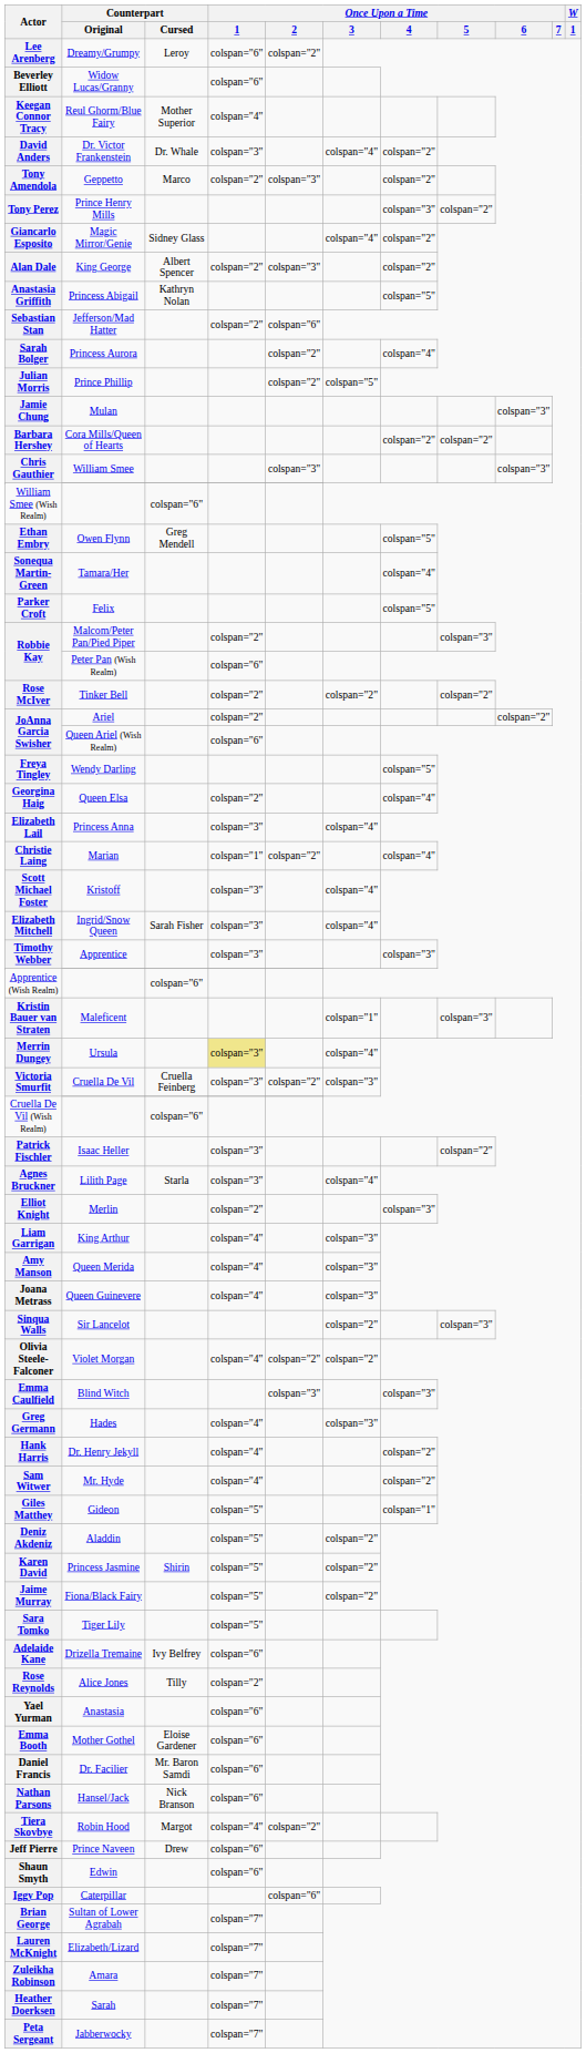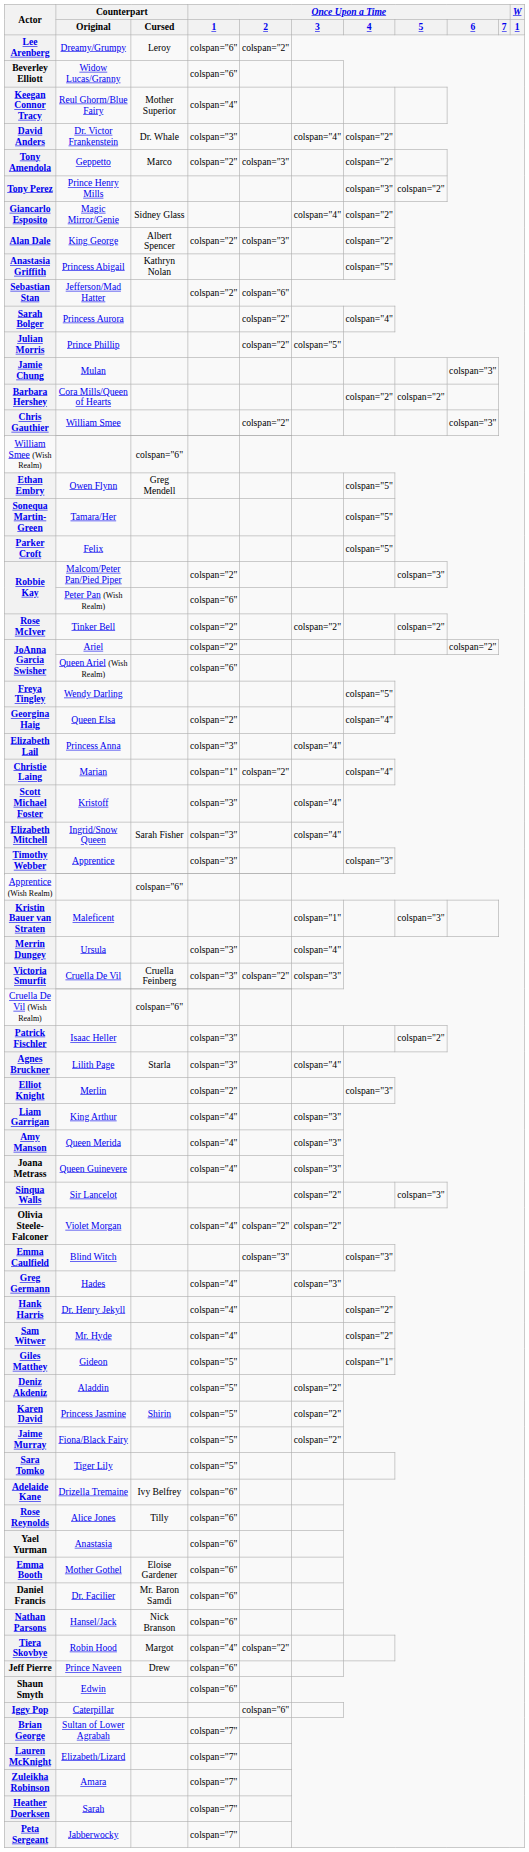 <table class="wikitable" style="text-align:center;">
 <tr>
 <th rowspan="2" style="width:190px;">Actor</th>
 <th colspan="2" style="width:470px;">Counterpart</th>
 <th colspan="7"><em><a href='#'>Once Upon a Time</a></em></th>
 <th><em><a href='#'>W</a></em></th>
 </tr>
 <tr>
 <th style="width:250px;">Original</th>
 <th style="width:220px;">Cursed</th>
 <th style="width:60px;"><a href='#'>1</a></th>
 <th style="width:60px;"><a href='#'>2</a></th>
 <th style="width:60px;"><a href='#'>3</a></th>
 <th style="width:60px;"><a href='#'>4</a></th>
 <th style="width:60px;"><a href='#'>5</a></th>
 <th style="width:60px;"><a href='#'>6</a></th>
 <th style="width:60px;"><a href='#'>7</a></th>
 <th style="width:60px;"><a href='#'>1</a></th>
 </tr>
 <tr>
 <th><a href='#'>Lee Arenberg</a></th>
 <td><a href='#'>Dreamy/Grumpy</a></td>
 <td>Leroy</td>
 <td>colspan="6" </td>
 <td>colspan="2" </td>
 </tr>
 <tr>
 <th>Beverley Elliott</th>
 <td><a href='#'>Widow Lucas/Granny</a></td>
 <td></td>
 <td>colspan="6" </td>
 <td></td>
 <td></td>
 </tr>
 <tr>
 <th><a href='#'>Keegan Connor Tracy</a></th>
 <td><a href='#'>Reul Ghorm/Blue Fairy</a></td>
 <td>Mother Superior</td>
 <td>colspan="4" </td>
 <td></td>
 <td></td>
 <td></td>
 <td></td>
 </tr>
 <tr>
 <th><a href='#'>David Anders</a></th>
 <td><a href='#'>Dr. Victor Frankenstein</a></td>
 <td>Dr. Whale</td>
 <td>colspan="3" </td>
 <td></td>
 <td>colspan="4" </td>
 <td>colspan="2" </td>
 </tr>
 <tr>
 <th><a href='#'>Tony Amendola</a></th>
 <td><a href='#'>Geppetto</a></td>
 <td>Marco</td>
 <td>colspan="2" </td>
 <td>colspan="3" </td>
 <td></td>
 <td>colspan="2" </td>
 <td></td>
 </tr>
 <tr>
 <th><a href='#'>Tony Perez</a></th>
 <td><a href='#'>Prince Henry Mills</a></td>
 <td></td>
 <td></td>
 <td></td>
 <td></td>
 <td>colspan="3" </td>
 <td>colspan="2" </td>
 </tr>
 <tr>
 <th><a href='#'>Giancarlo Esposito</a></th>
 <td><a href='#'>Magic Mirror/Genie</a></td>
 <td>Sidney Glass</td>
 <td></td>
 <td></td>
 <td>colspan="4" </td>
 <td>colspan="2" </td>
 </tr>
 <tr>
 <th><a href='#'>Alan Dale</a></th>
 <td><a href='#'>King George</a></td>
 <td>Albert Spencer</td>
 <td>colspan="2" </td>
 <td>colspan="3" </td>
 <td></td>
 <td>colspan="2" </td>
 </tr>
 <tr>
 <th><a href='#'>Anastasia Griffith</a></th>
 <td><a href='#'>Princess Abigail</a></td>
 <td>Kathryn Nolan</td>
 <td></td>
 <td></td>
 <td></td>
 <td>colspan="5" </td>
 </tr>
 <tr>
 <th><a href='#'>Sebastian Stan</a></th>
 <td><a href='#'>Jefferson/Mad Hatter</a></td>
 <td></td>
 <td>colspan="2" </td>
 <td>colspan="6" </td>
 </tr>
 <tr>
 <th><a href='#'>Sarah Bolger</a></th>
 <td><a href='#'>Princess Aurora</a></td>
 <td></td>
 <td></td>
 <td>colspan="2" </td>
 <td></td>
 <td>colspan="4" </td>
 </tr>
 <tr>
 <th><a href='#'>Julian Morris</a></th>
 <td><a href='#'>Prince Phillip</a></td>
 <td></td>
 <td></td>
 <td>colspan="2" </td>
 <td>colspan="5" </td>
 </tr>
 <tr>
 <th><a href='#'>Jamie Chung</a></th>
 <td><a href='#'>Mulan</a></td>
 <td></td>
 <td></td>
 <td></td>
 <td></td>
 <td></td>
 <td></td>
 <td>colspan="3" </td>
 </tr>
 <tr>
 <th><a href='#'>Barbara Hershey</a></th>
 <td><a href='#'>Cora Mills/Queen of Hearts</a></td>
 <td></td>
 <td></td>
 <td></td>
 <td></td>
 <td>colspan="2" </td>
 <td>colspan="2" </td>
 <td></td>
 </tr>
 <tr>
 <th rowspan="2"><a href='#'>Chris Gauthier</a></th>
 <td><a href='#'>William Smee</a></td>
 <td></td>
 <td></td>
-<td>colspan="3" </td>
+<td>colspan="2" </td>
 <td></td>
 <td></td>
 <td></td>
 <td>colspan="3" </td>
 </tr>
 <tr>
 </tr>
 <tr>
 <td><a href='#'>William Smee</a> <small>(Wish Realm)</small></td>
 <td></td>
 <td>colspan="6" </td>
 <td></td>
 <td></td>
 </tr>
 <tr>
 <th><a href='#'>Ethan Embry</a></th>
 <td><a href='#'>Owen Flynn</a></td>
 <td>Greg Mendell</td>
 <td></td>
 <td></td>
 <td></td>
 <td>colspan="5" </td>
 </tr>
 <tr>
 <th><a href='#'>Sonequa Martin-Green</a></th>
 <td><a href='#'>Tamara/Her</a></td>
 <td></td>
 <td></td>
 <td></td>
 <td></td>
-<td>colspan="4" </td>
+<td>colspan="5" </td>
 </tr>
 <tr>
 <th><a href='#'>Parker Croft</a></th>
 <td><a href='#'>Felix</a></td>
 <td></td>
 <td></td>
 <td></td>
 <td></td>
 <td>colspan="5" </td>
 </tr>
 <tr>
 <th rowspan="2"><a href='#'>Robbie Kay</a></th>
 <td><a href='#'>Malcom/Peter Pan/Pied Piper</a></td>
 <td></td>
 <td>colspan="2" </td>
 <td></td>
 <td></td>
 <td></td>
 <td>colspan="3" </td>
 </tr>
 <tr>
 <td><a href='#'>Peter Pan</a> <small>(Wish Realm)</small></td>
 <td></td>
 <td>colspan="6" </td>
 <td></td>
 <td></td>
 </tr>
 <tr>
 <th><a href='#'>Rose McIver</a></th>
 <td><a href='#'>Tinker Bell</a></td>
 <td></td>
 <td>colspan="2" </td>
 <td></td>
 <td>colspan="2" </td>
 <td></td>
 <td>colspan="2" </td>
 </tr>
 <tr>
 <th rowspan="2"><a href='#'>JoAnna Garcia Swisher</a></th>
 <td><a href='#'>Ariel</a></td>
 <td></td>
 <td>colspan="2" </td>
 <td></td>
 <td></td>
 <td></td>
 <td></td>
 <td>colspan="2" </td>
 </tr>
 <tr>
 <td><a href='#'>Queen Ariel</a> <small>(Wish Realm)</small></td>
 <td></td>
 <td>colspan="6" </td>
 <td></td>
 <td></td>
 </tr>
 <tr>
 <th><a href='#'>Freya Tingley</a></th>
 <td><a href='#'>Wendy Darling</a></td>
 <td></td>
 <td></td>
 <td></td>
 <td></td>
 <td>colspan="5" </td>
 </tr>
 <tr>
 <th><a href='#'>Georgina Haig</a></th>
 <td><a href='#'>Queen Elsa</a></td>
 <td></td>
 <td>colspan="2" </td>
 <td></td>
 <td></td>
 <td>colspan="4"</td>
 </tr>
 <tr>
 <th><a href='#'>Elizabeth Lail</a></th>
 <td><a href='#'>Princess Anna</a></td>
 <td></td>
 <td>colspan="3" </td>
 <td></td>
 <td>colspan="4" </td>
 </tr>
 <tr>
 <th><a href='#'>Christie Laing</a></th>
 <td><a href='#'>Marian</a></td>
 <td></td>
 <td>colspan="1" </td>
 <td>colspan="2" </td>
 <td></td>
 <td>colspan="4" </td>
 </tr>
 <tr>
 <th><a href='#'>Scott Michael Foster</a></th>
 <td><a href='#'>Kristoff</a></td>
 <td></td>
 <td>colspan="3" </td>
 <td></td>
 <td>colspan="4" </td>
 </tr>
 <tr>
 <th><a href='#'>Elizabeth Mitchell</a></th>
 <td><a href='#'>Ingrid/Snow Queen</a></td>
 <td>Sarah Fisher</td>
 <td>colspan="3" </td>
 <td></td>
 <td>colspan="4" </td>
 </tr>
 <tr>
 <th rowspan="2"><a href='#'>Timothy Webber</a></th>
 <td><a href='#'>Apprentice</a></td>
 <td></td>
 <td>colspan="3" </td>
 <td></td>
 <td></td>
 <td>colspan="3" </td>
 </tr>
 <tr>
 </tr>
 <tr>
 <td><a href='#'>Apprentice</a> <small>(Wish Realm)</small></td>
 <td></td>
 <td>colspan="6" </td>
 <td></td>
 <td></td>
 </tr>
 <tr>
 <th><a href='#'>Kristin Bauer van Straten</a></th>
 <td><a href='#'>Maleficent</a></td>
 <td></td>
 <td></td>
 <td></td>
 <td>colspan="1" </td>
 <td></td>
 <td>colspan="3" </td>
 <td></td>
 </tr>
 <tr>
 <th><a href='#'>Merrin Dungey</a></th>
 <td><a href='#'>Ursula</a></td>
 <td></td>
-<td style="background: khaki;">colspan="3" </td>
+<td>colspan="3" </td>
 <td></td>
 <td>colspan="4" </td>
 </tr>
 <tr>
 <th rowspan="2"><a href='#'>Victoria Smurfit</a></th>
 <td><a href='#'>Cruella De Vil</a></td>
 <td>Cruella Feinberg</td>
 <td>colspan="3" </td>
 <td>colspan="2" </td>
 <td>colspan="3" </td>
 </tr>
 <tr>
 </tr>
 <tr>
 <td><a href='#'>Cruella De Vil</a> <small>(Wish Realm)</small></td>
 <td></td>
 <td>colspan="6" </td>
 <td></td>
 <td></td>
 </tr>
 <tr>
 <th><a href='#'>Patrick Fischler</a></th>
 <td><a href='#'>Isaac Heller</a></td>
 <td></td>
 <td>colspan="3" </td>
 <td></td>
 <td></td>
 <td></td>
 <td>colspan="2" </td>
 </tr>
 <tr>
 <th><a href='#'>Agnes Bruckner</a></th>
 <td><a href='#'>Lilith Page</a></td>
 <td>Starla</td>
 <td>colspan="3" </td>
 <td></td>
 <td>colspan="4" </td>
 </tr>
 <tr>
 <th><a href='#'>Elliot Knight</a></th>
 <td><a href='#'>Merlin</a></td>
 <td></td>
 <td>colspan="2" </td>
 <td></td>
 <td></td>
 <td>colspan="3" </td>
 </tr>
 <tr>
 <th><a href='#'>Liam Garrigan</a></th>
 <td><a href='#'>King Arthur</a></td>
 <td></td>
 <td>colspan="4" </td>
 <td></td>
 <td>colspan="3" </td>
 </tr>
 <tr>
 <th><a href='#'>Amy Manson</a></th>
 <td><a href='#'>Queen Merida</a></td>
 <td></td>
 <td>colspan="4" </td>
 <td></td>
 <td>colspan="3" </td>
 </tr>
 <tr>
 <th>Joana Metrass</th>
 <td><a href='#'>Queen Guinevere</a></td>
 <td></td>
 <td>colspan="4" </td>
 <td></td>
 <td>colspan="3" </td>
 </tr>
 <tr>
 <th><a href='#'>Sinqua Walls</a></th>
 <td><a href='#'>Sir Lancelot</a></td>
 <td></td>
 <td></td>
 <td></td>
 <td>colspan="2" </td>
 <td></td>
 <td>colspan="3" </td>
 </tr>
 <tr>
 <th>Olivia Steele-Falconer</th>
 <td><a href='#'>Violet Morgan</a></td>
 <td></td>
 <td>colspan="4" </td>
 <td>colspan="2" </td>
 <td>colspan="2" </td>
 </tr>
 <tr>
 <th><a href='#'>Emma Caulfield</a></th>
 <td><a href='#'>Blind Witch</a></td>
 <td></td>
 <td></td>
 <td>colspan="3" </td>
 <td></td>
 <td>colspan="3" </td>
 </tr>
 <tr>
 <th><a href='#'>Greg Germann</a></th>
 <td><a href='#'>Hades</a></td>
 <td></td>
 <td>colspan="4" </td>
 <td></td>
 <td>colspan="3" </td>
 </tr>
 <tr>
 <th><a href='#'>Hank Harris</a></th>
 <td><a href='#'>Dr. Henry Jekyll</a></td>
 <td></td>
 <td>colspan="4" </td>
 <td></td>
 <td></td>
 <td>colspan="2" </td>
 </tr>
 <tr>
 <th><a href='#'>Sam Witwer</a></th>
 <td><a href='#'>Mr. Hyde</a></td>
 <td></td>
 <td>colspan="4" </td>
 <td></td>
 <td></td>
 <td>colspan="2" </td>
 </tr>
 <tr>
 <th><a href='#'>Giles Matthey</a></th>
 <td><a href='#'>Gideon</a></td>
 <td></td>
 <td>colspan="5" </td>
 <td></td>
 <td></td>
 <td>colspan="1" </td>
 </tr>
 <tr>
 <th><a href='#'>Deniz Akdeniz</a></th>
 <td><a href='#'>Aladdin</a></td>
 <td></td>
 <td>colspan="5" </td>
 <td></td>
 <td>colspan="2" </td>
 </tr>
 <tr>
 <th><a href='#'>Karen David</a></th>
 <td><a href='#'>Princess Jasmine</a></td>
 <td><a href='#'>Shirin</a></td>
 <td>colspan="5" </td>
 <td></td>
 <td>colspan="2" </td>
 </tr>
 <tr>
 <th><a href='#'>Jaime Murray</a></th>
 <td><a href='#'>Fiona/Black Fairy</a></td>
 <td></td>
 <td>colspan="5" </td>
 <td></td>
 <td>colspan="2" </td>
 </tr>
 <tr>
 <th><a href='#'>Sara Tomko</a></th>
 <td><a href='#'>Tiger Lily</a></td>
 <td></td>
 <td>colspan="5" </td>
 <td></td>
 <td></td>
 <td></td>
 </tr>
 <tr>
 <th><a href='#'>Adelaide Kane</a></th>
 <td><a href='#'>Drizella Tremaine</a></td>
 <td>Ivy Belfrey</td>
 <td>colspan="6" </td>
 <td></td>
 <td></td>
 </tr>
 <tr>
 <th><a href='#'>Rose Reynolds</a></th>
 <td><a href='#'>Alice Jones</a></td>
 <td>Tilly</td>
-<td>colspan="2" </td>
+<td>colspan="6" </td>
 <td></td>
 <td></td>
 </tr>
 <tr>
 <th>Yael Yurman</th>
 <td><a href='#'>Anastasia</a></td>
 <td></td>
 <td>colspan="6" </td>
 <td></td>
 <td></td>
 </tr>
 <tr>
 <th><a href='#'>Emma Booth</a></th>
 <td><a href='#'>Mother Gothel</a></td>
 <td>Eloise Gardener</td>
 <td>colspan="6" </td>
 <td></td>
 <td></td>
 </tr>
 <tr>
 <th>Daniel Francis</th>
 <td><a href='#'>Dr. Facilier</a></td>
 <td>Mr. Baron Samdi</td>
 <td>colspan="6" </td>
 <td></td>
 <td></td>
 </tr>
 <tr>
 <th><a href='#'>Nathan Parsons</a></th>
 <td><a href='#'>Hansel/Jack</a></td>
 <td>Nick Branson</td>
 <td>colspan="6" </td>
 <td></td>
 <td></td>
 </tr>
 <tr>
 <th><a href='#'>Tiera Skovbye</a></th>
 <td><a href='#'>Robin Hood</a></td>
 <td>Margot</td>
 <td>colspan="4" </td>
 <td>colspan="2" </td>
 <td></td>
 <td></td>
 </tr>
 <tr>
 <th>Jeff Pierre</th>
 <td><a href='#'>Prince Naveen</a></td>
 <td>Drew</td>
 <td>colspan="6" </td>
 <td></td>
 <td></td>
 </tr>
 <tr>
 <th>Shaun Smyth</th>
 <td><a href='#'>Edwin</a></td>
 <td></td>
 <td>colspan="6" </td>
 <td></td>
 </tr>
 <tr>
 <th><a href='#'>Iggy Pop</a></th>
 <td><a href='#'>Caterpillar</a></td>
 <td></td>
 <td></td>
 <td>colspan="6" </td>
 <td></td>
 </tr>
 <tr>
 <th><a href='#'>Brian George</a></th>
 <td><a href='#'>Sultan of Lower Agrabah</a></td>
 <td></td>
 <td>colspan="7" </td>
 <td></td>
 </tr>
 <tr>
 <th><a href='#'>Lauren McKnight</a></th>
 <td><a href='#'>Elizabeth/Lizard</a></td>
 <td></td>
 <td>colspan="7" </td>
 <td></td>
 </tr>
 <tr>
 <th><a href='#'>Zuleikha Robinson</a></th>
 <td><a href='#'>Amara</a></td>
 <td></td>
 <td>colspan="7" </td>
 <td></td>
 </tr>
 <tr>
 <th><a href='#'>Heather Doerksen</a></th>
 <td><a href='#'>Sarah</a></td>
 <td></td>
 <td>colspan="7" </td>
 <td></td>
 </tr>
 <tr>
 <th><a href='#'>Peta Sergeant</a></th>
 <td><a href='#'>Jabberwocky</a></td>
 <td></td>
 <td>colspan="7" </td>
 <td></td>
 </tr>
 </table>
